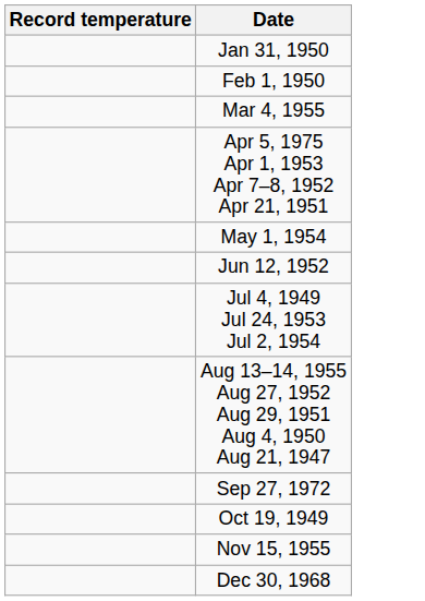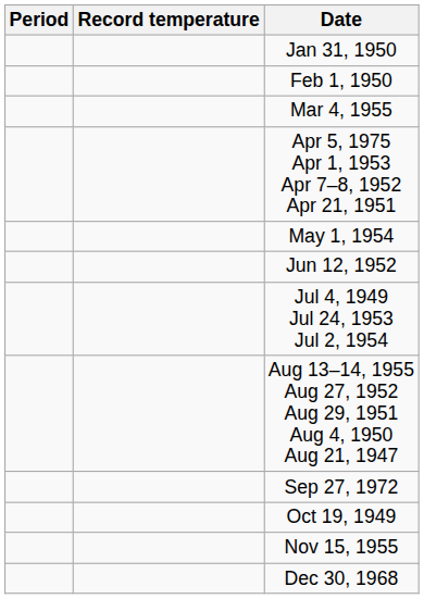 <table class="wikitable mw-collapsible sortable" style="text-align:center;">
 <tr>
+<th>Period</th>
 <th>Record temperature</th>
 <th>Date</th>
 </tr>
 <tr>
 <td></td>
+<td></td>
 <td>Jan 31, 1950</td>
 </tr>
 <tr>
+<td></td>
 <td></td>
 <td>Feb 1, 1950</td>
 </tr>
 <tr>
 <td></td>
+<td></td>
 <td>Mar 4, 1955</td>
 </tr>
 <tr>
+<td></td>
 <td></td>
 <td data-sort-value="Apr 5, 1975">Apr 5, 1975<br>Apr 1, 1953<br>Apr 7–8, 1952<br>Apr 21, 1951</td>
 </tr>
 <tr>
 <td></td>
+<td></td>
 <td>May 1, 1954</td>
 </tr>
 <tr>
+<td></td>
 <td></td>
 <td>Jun 12, 1952</td>
 </tr>
 <tr>
 <td></td>
+<td></td>
 <td data-sort-value="Jul 4, 1949">Jul 4, 1949<br>Jul 24, 1953<br>Jul 2, 1954</td>
 </tr>
 <tr>
+<td></td>
 <td></td>
 <td data-sort-value="Aug 13">Aug 13–14, 1955<br>Aug 27, 1952<br>Aug 29, 1951<br>Aug 4, 1950<br>Aug 21, 1947</td>
 </tr>
 <tr>
 <td></td>
+<td></td>
 <td>Sep 27, 1972</td>
 </tr>
 <tr>
+<td></td>
 <td></td>
 <td>Oct 19, 1949</td>
 </tr>
 <tr>
 <td></td>
+<td></td>
 <td>Nov 15, 1955</td>
 </tr>
 <tr>
 <td></td>
+<td></td>
 <td>Dec 30, 1968</td>
 </tr>
 </table>
